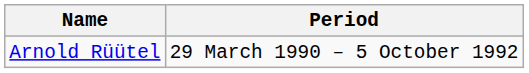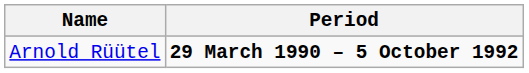 <table class="wikitable">
 <tr>
 <th>Name</th>
 <th>Period</th>
 </tr>
 <tr>
 <td><a href='#'>Arnold Rüütel</a></td>
-<td>29 March 1990 – 5 October 1992</td>
+<td><strong>29 March 1990 – 5 October 1992</strong></td>
 </tr>
 </table>
